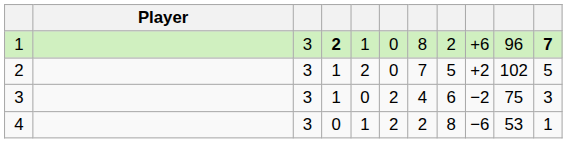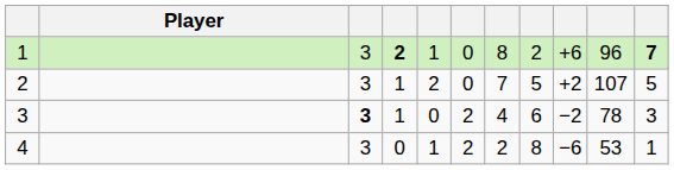 <table class="wikitable" style="text-align:center; margin: 1em auto 1em auto, align:left">
 <tr>
 <th width=20></th>
 <th width=240>Player</th>
 <th width=20></th>
 <th width=20></th>
 <th width=20></th>
 <th width=20></th>
 <th width=20></th>
 <th width=20></th>
 <th width=20></th>
 <th width=30></th>
 <th width=20></th>
 </tr>
 <tr style="background:#D0F0C0;">
 <td>1</td>
 <td align=left></td>
 <td>3</td>
 <td><strong>2</strong></td>
 <td>1</td>
 <td>0</td>
 <td>8</td>
 <td>2</td>
 <td>+6</td>
 <td>96</td>
 <td><strong>7</strong></td>
 </tr>
 <tr style=>
 <td>2</td>
 <td align=left></td>
 <td>3</td>
 <td>1</td>
 <td>2</td>
 <td>0</td>
 <td>7</td>
 <td>5</td>
 <td>+2</td>
-<td>102</td>
+<td>107</td>
 <td>5</td>
 </tr>
 <tr style=>
 <td>3</td>
 <td align=left></td>
-<td>3</td>
+<td><strong>3</strong></td>
 <td>1</td>
 <td>0</td>
 <td>2</td>
 <td>4</td>
 <td>6</td>
 <td>−2</td>
-<td>75</td>
+<td>78</td>
 <td>3</td>
 </tr>
 <tr style=>
 <td>4</td>
 <td align=left></td>
 <td>3</td>
 <td>0</td>
 <td>1</td>
 <td>2</td>
 <td>2</td>
 <td>8</td>
 <td>−6</td>
 <td>53</td>
 <td>1</td>
 </tr>
 </table>
